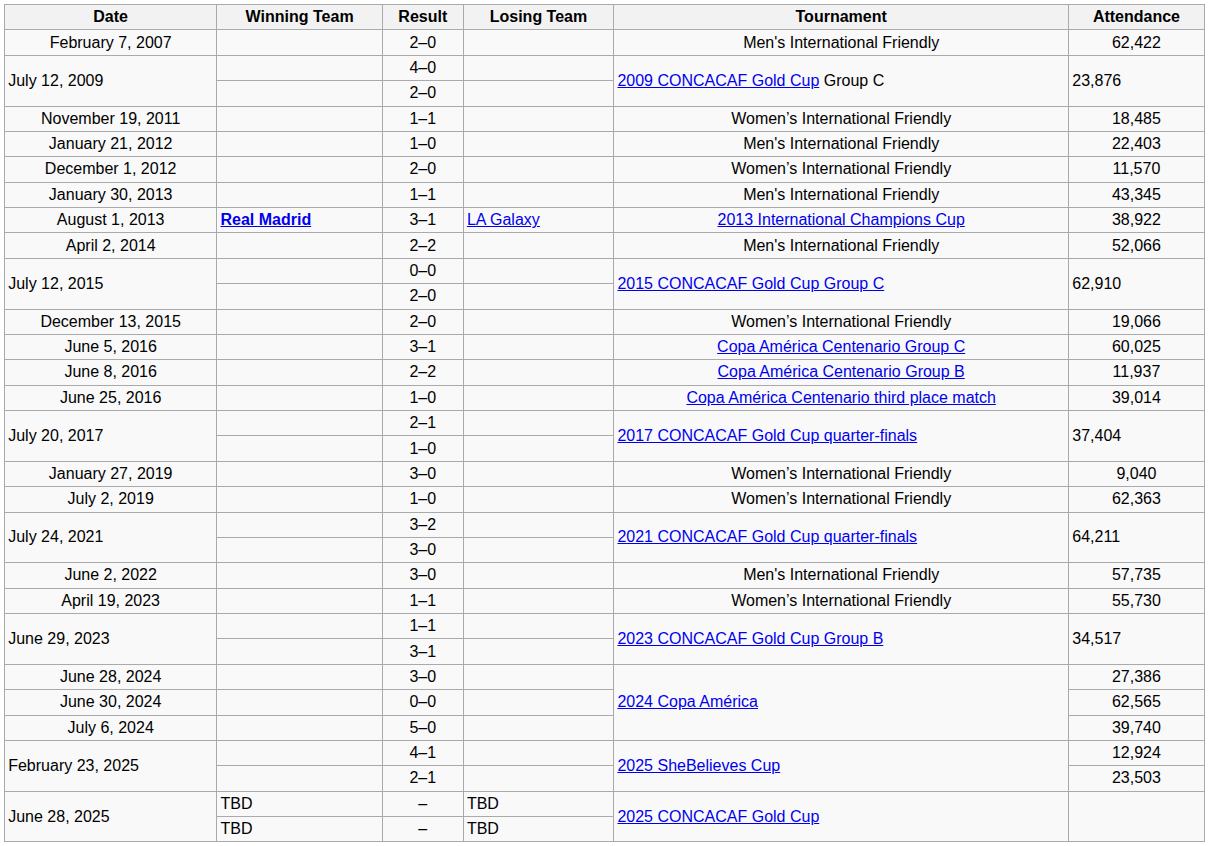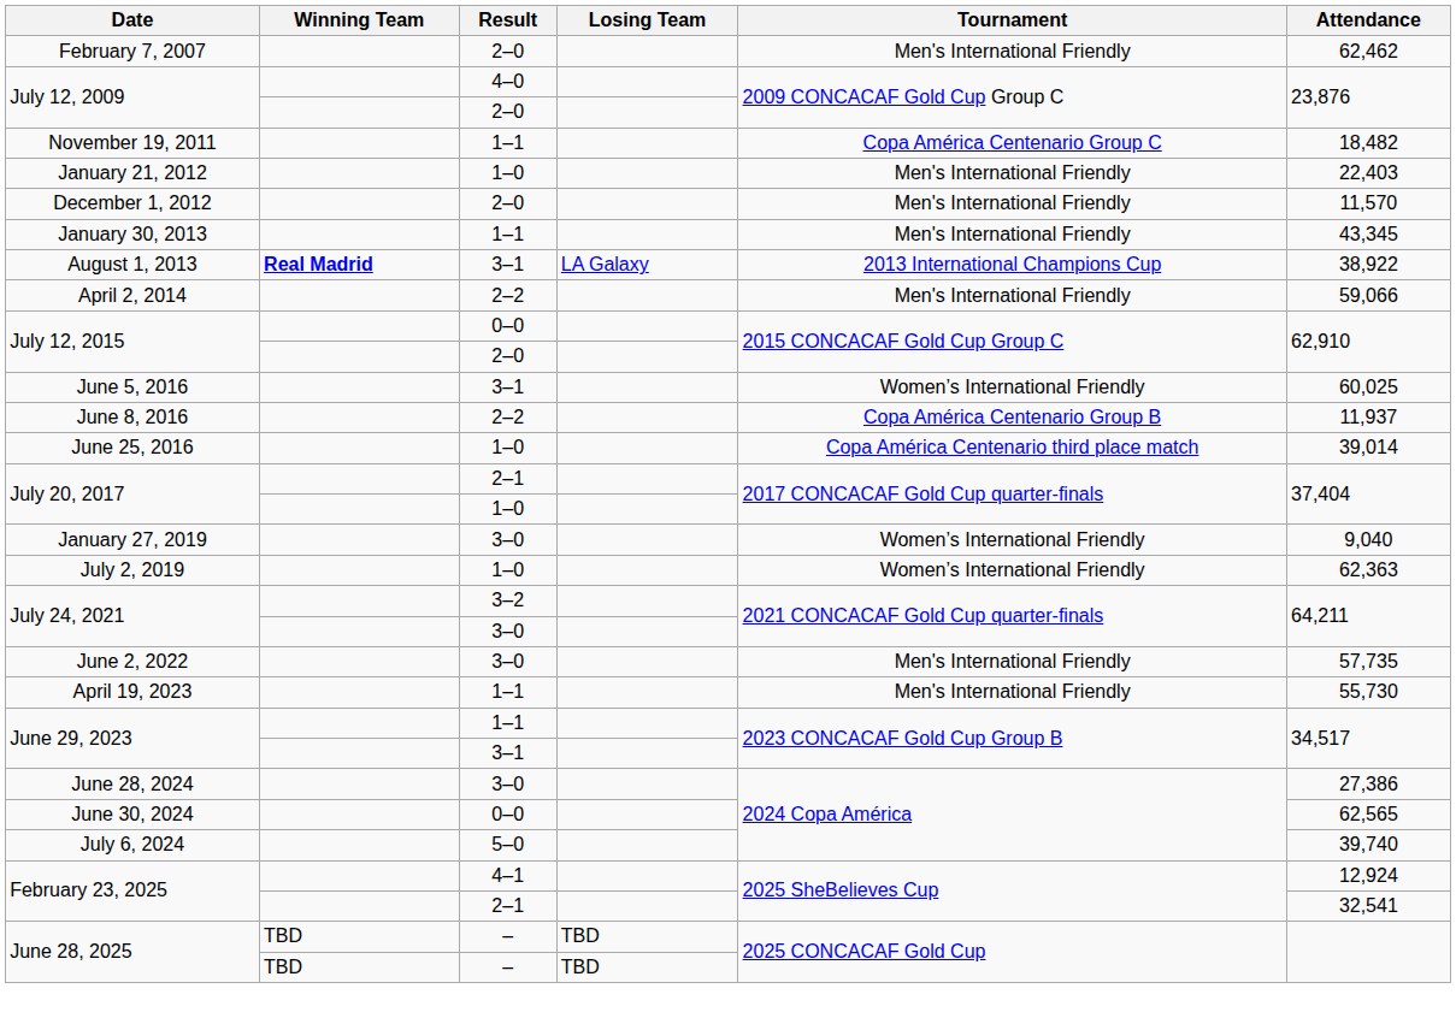 <table class="wikitable" style="text-align:left; width:95%;" style="text-align:center">
 <tr>
 <th style="text-align:center; ">Date</th>
 <th style="text-align:center; ">Winning Team</th>
 <th style="text-align:center; ">Result</th>
 <th style="text-align:center; ">Losing Team</th>
 <th style="text-align:center; ">Tournament</th>
 <th style="text-align:center; ">Attendance</th>
 </tr>
 <tr>
 <td style="text-align:center;">February 7, 2007</td>
 <td><strong></strong></td>
 <td style="text-align:center;">2–0</td>
 <td></td>
 <td style="text-align:center;">Men's International Friendly</td>
-<td style="text-align:center;">62,422</td>
+<td style="text-align:center;">62,462</td>
 </tr>
 <tr>
 <td rowspan="2">July 12, 2009</td>
 <td><strong></strong></td>
 <td style="text-align:center;">4–0</td>
 <td></td>
 <td rowspan="2"><a href='#'>2009 CONCACAF Gold Cup</a> Group C</td>
 <td rowspan=2 style"text-align:center;">23,876</td>
 </tr>
 <tr>
 <td><strong></strong></td>
 <td style="text-align:center;">2–0</td>
 <td></td>
 </tr>
 <tr>
 <td style="text-align:center;">November 19, 2011</td>
 <td></td>
 <td style="text-align:center;">1–1</td>
 <td></td>
-<td style="text-align:center;">Women’s International Friendly</td>
-<td style="text-align:center;">18,485</td>
+<td style="text-align:center;"><a href='#'>Copa América Centenario Group C</a></td>
+<td style="text-align:center;">18,482</td>
 </tr>
 <tr>
 <td style="text-align:center;">January 21, 2012</td>
 <td><strong></strong></td>
 <td style="text-align:center;">1–0</td>
 <td></td>
 <td style="text-align:center;">Men's International Friendly</td>
 <td style="text-align:center;">22,403</td>
 </tr>
 <tr>
 <td style="text-align:center;">December 1, 2012</td>
 <td><strong></strong></td>
 <td style="text-align:center;">2–0</td>
 <td></td>
-<td style="text-align:center;">Women’s International Friendly</td>
+<td style="text-align:center;">Men's International Friendly</td>
 <td style="text-align:center;">11,570</td>
 </tr>
 <tr>
 <td style="text-align:center;">January 30, 2013</td>
 <td></td>
 <td style="text-align:center;">1–1</td>
 <td></td>
 <td style="text-align:center;">Men's International Friendly</td>
 <td style="text-align:center;">43,345</td>
 </tr>
 <tr>
 <td style="text-align:center;">August 1, 2013</td>
 <td><strong> <a href='#'>Real Madrid</a></strong></td>
 <td style="text-align:center;">3–1</td>
 <td> <a href='#'>LA Galaxy</a></td>
 <td style="text-align:center;"><a href='#'>2013 International Champions Cup</a></td>
 <td style="text-align:center;">38,922</td>
 </tr>
 <tr>
 <td style="text-align:center;">April 2, 2014</td>
 <td></td>
 <td style="text-align:center;">2–2</td>
 <td></td>
 <td style="text-align:center;">Men's International Friendly</td>
-<td style="text-align:center;">52,066</td>
+<td style="text-align:center;">59,066</td>
 </tr>
 <tr>
 <td rowspan="2">July 12, 2015</td>
 <td></td>
 <td style="text-align:center;">0–0</td>
 <td></td>
 <td rowspan="2"><a href='#'>2015 CONCACAF Gold Cup Group C</a></td>
 <td rowspan=2 style"text-align:center;">62,910</td>
 </tr>
 <tr>
 <td><strong></strong></td>
 <td style="text-align:center;">2–0</td>
 <td></td>
 </tr>
 <tr>
-<td style="text-align:center;">December 13, 2015</td>
-<td><strong></strong></td>
-<td style="text-align:center;">2–0</td>
-<td></td>
-<td style="text-align:center;">Women’s International Friendly</td>
-<td style="text-align:center;">19,066</td>
-</tr>
-<tr>
 <td style="text-align:center;">June 5, 2016</td>
 <td><strong></strong></td>
 <td style="text-align:center;">3–1</td>
 <td></td>
-<td style="text-align:center;"><a href='#'>Copa América Centenario Group C</a></td>
+<td style="text-align:center;">Women’s International Friendly</td>
 <td style="text-align:center;">60,025</td>
 </tr>
 <tr>
 <td style="text-align:center;">June 8, 2016</td>
 <td></td>
 <td style="text-align:center;">2–2</td>
 <td></td>
 <td style="text-align:center;"><a href='#'>Copa América Centenario Group B</a></td>
 <td style="text-align:center;">11,937</td>
 </tr>
 <tr>
 <td style="text-align:center;">June 25, 2016</td>
 <td><strong></strong></td>
 <td style="text-align:center;">1–0</td>
 <td></td>
 <td style="text-align:center;"><a href='#'>Copa América Centenario third place match</a></td>
 <td style="text-align:center;">39,014</td>
 </tr>
 <tr>
 <td rowspan="2">July 20, 2017</td>
 <td><strong></strong></td>
 <td style="text-align:center;">2–1</td>
 <td></td>
 <td rowspan="2"><a href='#'>2017 CONCACAF Gold Cup quarter-finals</a></td>
 <td rowspan=2 style"text-align:center;">37,404</td>
 </tr>
 <tr>
 <td><strong></strong></td>
 <td style="text-align:center;">1–0</td>
 <td></td>
 </tr>
 <tr>
 <td style="text-align:center;">January 27, 2019</td>
 <td><strong></strong></td>
 <td style="text-align:center;">3–0</td>
 <td></td>
 <td style="text-align:center;">Women’s International Friendly</td>
 <td style="text-align:center;">9,040</td>
 </tr>
 <tr>
 <td style="text-align:center;">July 2, 2019</td>
 <td><strong></strong></td>
 <td style="text-align:center;">1–0</td>
 <td></td>
 <td style="text-align:center;">Women’s International Friendly</td>
 <td style="text-align:center;">62,363</td>
 </tr>
 <tr>
 <td rowspan="2">July 24, 2021</td>
 <td><strong></strong></td>
 <td style="text-align:center;">3–2</td>
 <td></td>
 <td rowspan="2"><a href='#'>2021 CONCACAF Gold Cup quarter-finals</a></td>
 <td rowspan=2 style"text-align:center;">64,211</td>
 </tr>
 <tr>
 <td><strong></strong></td>
 <td style="text-align:center;">3–0</td>
 <td></td>
 </tr>
 <tr>
 <td style="text-align:center;">June 2, 2022</td>
 <td><strong></strong></td>
 <td style="text-align:center;">3–0</td>
 <td></td>
 <td style="text-align:center;">Men's International Friendly</td>
 <td style="text-align:center;">57,735</td>
 </tr>
 <tr>
 <td style="text-align:center;">April 19, 2023</td>
 <td></td>
 <td style="text-align:center;">1–1</td>
 <td></td>
-<td style="text-align:center;">Women’s International Friendly</td>
+<td style="text-align:center;">Men's International Friendly</td>
 <td style="text-align:center;">55,730</td>
 </tr>
 <tr>
 <td rowspan="2">June 29, 2023</td>
 <td></td>
 <td style="text-align:center;">1–1</td>
 <td></td>
 <td rowspan="2"><a href='#'>2023 CONCACAF Gold Cup Group B</a></td>
 <td rowspan=2 style"text-align:center;">34,517</td>
 </tr>
 <tr>
 <td><strong></strong></td>
 <td style="text-align:center;">3–1</td>
 <td></td>
 </tr>
 <tr>
 <td style="text-align:center;">June 28, 2024</td>
 <td><strong></strong></td>
 <td style="text-align:center;">3–0</td>
 <td></td>
 <td rowspan="3"><a href='#'>2024 Copa América</a></td>
 <td style="text-align:center;">27,386</td>
 </tr>
 <tr>
 <td style="text-align:center;">June 30, 2024</td>
 <td></td>
 <td style="text-align:center;">0–0</td>
 <td></td>
 <td style="text-align:center;">62,565</td>
 </tr>
 <tr>
 <td style="text-align:center;">July 6, 2024</td>
 <td><strong></strong></td>
 <td style="text-align:center;">5–0</td>
 <td></td>
 <td style="text-align:center;">39,740</td>
 </tr>
 <tr>
 <td rowspan="2">February 23, 2025</td>
 <td><strong></strong></td>
 <td style="text-align:center;">4–1</td>
 <td></td>
 <td rowspan="2"><a href='#'>2025 SheBelieves Cup</a></td>
 <td style="text-align:center;">12,924</td>
 </tr>
 <tr>
 <td><strong></strong></td>
 <td style="text-align:center;">2–1</td>
 <td></td>
-<td style="text-align:center;">23,503</td>
+<td style="text-align:center;">32,541</td>
 </tr>
 <tr>
 <td rowspan="2">June 28, 2025</td>
 <td>TBD</td>
 <td style="text-align:center;">–</td>
 <td>TBD</td>
 <td rowspan="2"><a href='#'>2025 CONCACAF Gold Cup</a></td>
 <td rowspan="2"></td>
 </tr>
 <tr>
 <td>TBD</td>
 <td style="text-align:center;">–</td>
 <td>TBD</td>
 </tr>
 <tr>
 </tr>
 </table>
